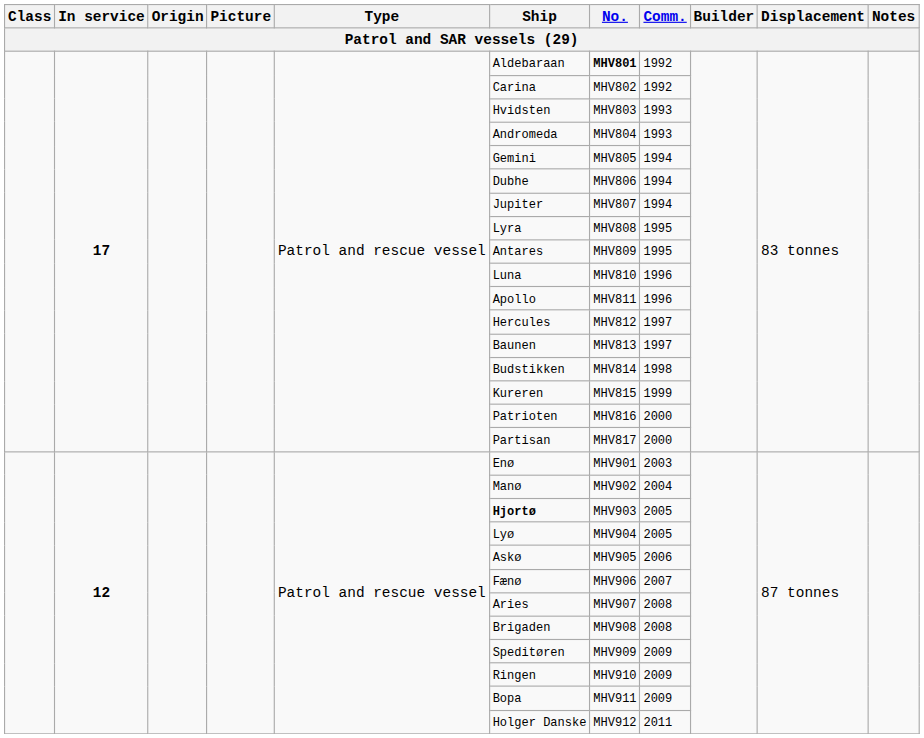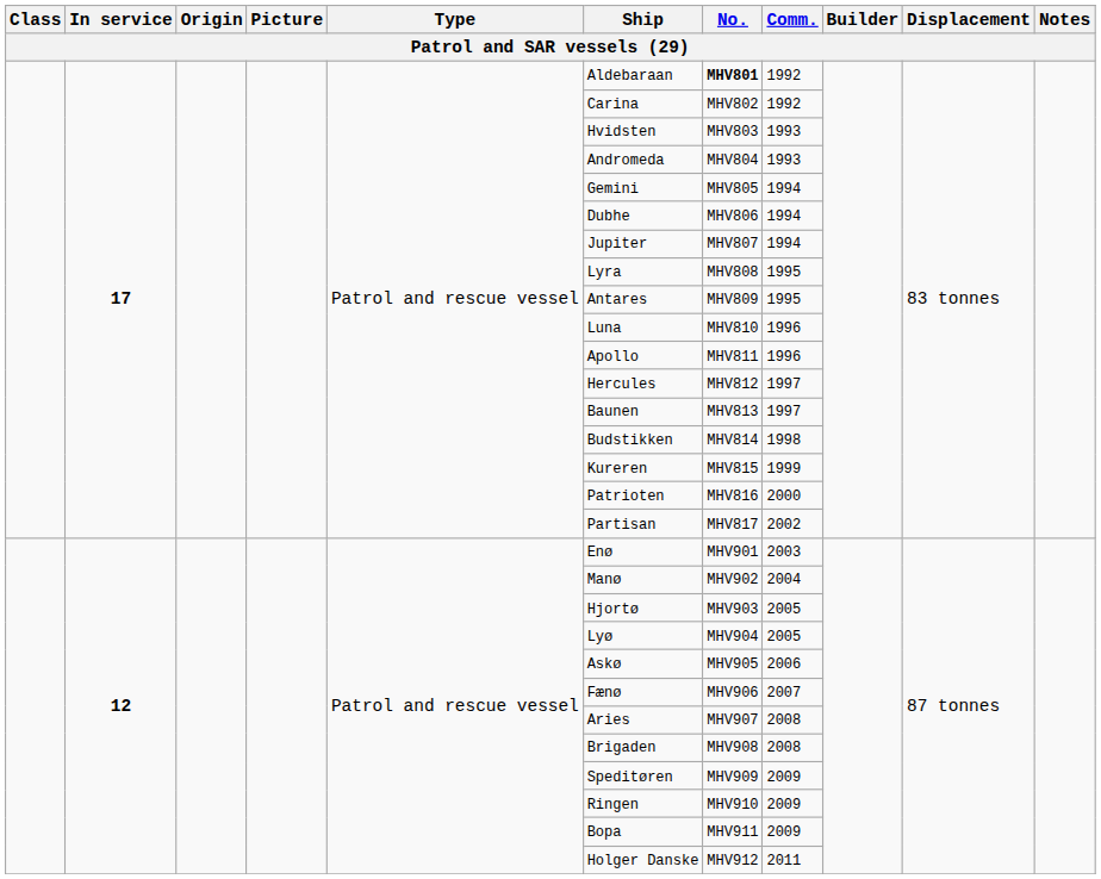 <table class="wikitable">
 <tr>
 <th>Class</th>
 <th>In service</th>
 <th>Origin</th>
 <th>Picture</th>
 <th>Type</th>
 <th>Ship</th>
 <th><a href='#'>No.</a></th>
 <th><a href='#'>Comm.</a></th>
 <th>Builder</th>
 <th>Displacement</th>
 <th>Notes</th>
 </tr>
 <tr>
 <th colspan="11">Patrol and SAR vessels (29)</th>
 </tr>
 <tr>
 <td rowspan="17"><strong></strong></td>
 <td rowspan="17" style="text-align: center;"><strong>17</strong></td>
 <td rowspan="17"></td>
 <td rowspan="17"></td>
 <td rowspan="17">Patrol and rescue vessel</td>
 <td><small>Aldebaraan</small></td>
 <td><strong><small>MHV801</small></strong></td>
 <td><small>1992</small></td>
 <td rowspan="17"><small></small></td>
 <td rowspan="17">83 tonnes</td>
 <td rowspan="17"></td>
 </tr>
 <tr>
 <td><small>Carina</small></td>
 <td><small>MHV802</small></td>
 <td><small>1992</small></td>
 </tr>
 <tr>
 <td><small>Hvidsten</small></td>
 <td><small>MHV803</small></td>
 <td><small>1993</small></td>
 </tr>
 <tr>
 <td><small>Andromeda</small></td>
 <td><small>MHV804</small></td>
 <td><small>1993</small></td>
 </tr>
 <tr>
 <td><small>Gemini</small></td>
 <td><small>MHV805</small></td>
 <td><small>1994</small></td>
 </tr>
 <tr>
 <td><small>Dubhe</small></td>
 <td><small>MHV806</small></td>
 <td><small>1994</small></td>
 </tr>
 <tr>
 <td><small>Jupiter</small></td>
 <td><small>MHV807</small></td>
 <td><small>1994</small></td>
 </tr>
 <tr>
 <td><small>Lyra</small></td>
 <td><small>MHV808</small></td>
 <td><small>1995</small></td>
 </tr>
 <tr>
 <td><small>Antares</small></td>
 <td><small>MHV809</small></td>
 <td><small>1995</small></td>
 </tr>
 <tr>
 <td><small>Luna</small></td>
 <td><small>MHV810</small></td>
 <td><small>1996</small></td>
 </tr>
 <tr>
 <td><small>Apollo</small></td>
 <td><small>MHV811</small></td>
 <td><small>1996</small></td>
 </tr>
 <tr>
 <td><small>Hercules</small></td>
 <td><small>MHV812</small></td>
 <td><small>1997</small></td>
 </tr>
 <tr>
 <td><small>Baunen</small></td>
 <td><small>MHV813</small></td>
 <td><small>1997</small></td>
 </tr>
 <tr>
 <td><small>Budstikken</small></td>
 <td><small>MHV814</small></td>
 <td><small>1998</small></td>
 </tr>
 <tr>
 <td><small>Kureren</small></td>
 <td><small>MHV815</small></td>
 <td><small>1999</small></td>
 </tr>
 <tr>
 <td><small>Patrioten</small></td>
 <td><small>MHV816</small></td>
 <td><small>2000</small></td>
 </tr>
 <tr>
 <td><small>Partisan</small></td>
 <td><small>MHV817</small></td>
-<td><small>2000</small></td>
+<td><small>2002</small></td>
 </tr>
 <tr>
 <td rowspan="12"><strong></strong></td>
 <td rowspan="12" style="text-align: center;"><strong>12</strong></td>
 <td rowspan="12"></td>
 <td rowspan="12"></td>
 <td rowspan="12">Patrol and rescue vessel</td>
 <td><small>Enø</small></td>
 <td><small>MHV901</small></td>
 <td><small>2003</small></td>
 <td rowspan="12"><small></small></td>
 <td rowspan="12">87 tonnes</td>
 <td rowspan="12"></td>
 </tr>
 <tr>
 <td><small>Manø</small></td>
 <td><small>MHV902</small></td>
 <td><small>2004</small></td>
 </tr>
 <tr>
-<td><strong><small>Hjortø</small></strong></td>
+<td><small>Hjortø</small></td>
 <td><small>MHV903</small></td>
 <td><small>2005</small></td>
 </tr>
 <tr>
 <td><small>Lyø</small></td>
 <td><small>MHV904</small></td>
 <td><small>2005</small></td>
 </tr>
 <tr>
 <td><small>Askø</small></td>
 <td><small>MHV905</small></td>
 <td><small>2006</small></td>
 </tr>
 <tr>
 <td><small>Fænø</small></td>
 <td><small>MHV906</small></td>
 <td><small>2007</small></td>
 </tr>
 <tr>
 <td><small>Aries</small></td>
 <td><small>MHV907</small></td>
 <td><small>2008</small></td>
 </tr>
 <tr>
 <td><small>Brigaden</small></td>
 <td><small>MHV908</small></td>
 <td><small>2008</small></td>
 </tr>
 <tr>
 <td><small>Speditøren</small></td>
 <td><small>MHV909</small></td>
 <td><small>2009</small></td>
 </tr>
 <tr>
 <td><small>Ringen</small></td>
 <td><small>MHV910</small></td>
 <td><small>2009</small></td>
 </tr>
 <tr>
 <td><small>Bopa</small></td>
 <td><small>MHV911</small></td>
 <td><small>2009</small></td>
 </tr>
 <tr>
 <td><small>Holger Danske</small></td>
 <td><small>MHV912</small></td>
 <td><small>2011</small></td>
 </tr>
 </table>
